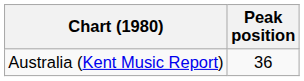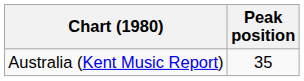 <table class="wikitable">
 <tr>
 <th scope="col">Chart (1980)</th>
 <th>Peak<br>position</th>
 </tr>
 <tr>
 <td>Australia (<a href='#'>Kent Music Report</a>)</td>
-<td style="text-align:center;">36</td>
+<td style="text-align:center;">35</td>
 </tr>
 </table>
